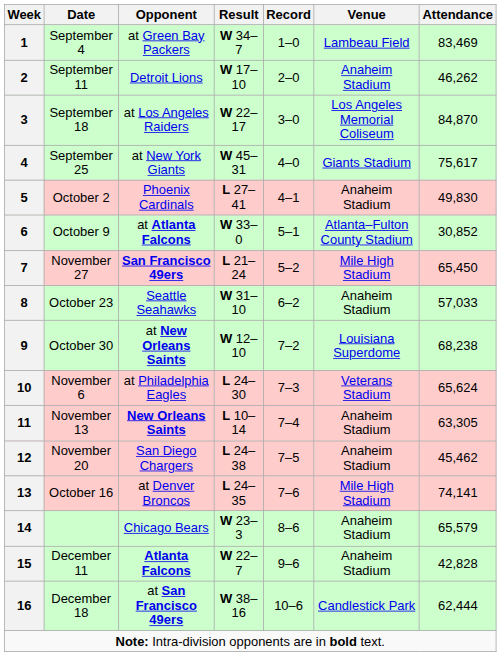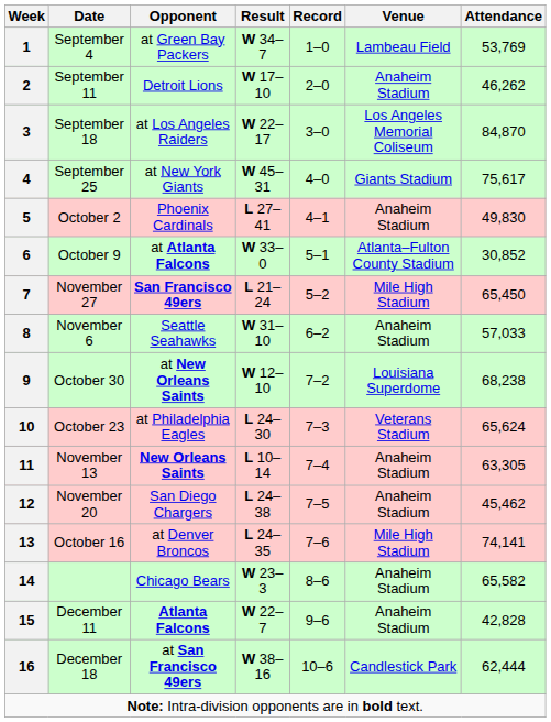 <table class="wikitable" style="text-align:center">
 <tr>
 <th>Week</th>
 <th>Date</th>
 <th>Opponent</th>
 <th>Result</th>
 <th>Record</th>
 <th>Venue</th>
 <th>Attendance</th>
 </tr>
 <tr style="background:#cfc">
 <th>1</th>
 <td>September 4</td>
 <td>at <a href='#'>Green Bay Packers</a></td>
 <td><strong>W</strong> 34–7</td>
 <td>1–0</td>
 <td><a href='#'>Lambeau Field</a></td>
-<td>83,469</td>
+<td>53,769</td>
 </tr>
 <tr style="background:#cfc">
 <th>2</th>
 <td>September 11</td>
 <td><a href='#'>Detroit Lions</a></td>
 <td><strong>W</strong> 17–10</td>
 <td>2–0</td>
 <td><a href='#'>Anaheim Stadium</a></td>
 <td>46,262</td>
 </tr>
 <tr style="background:#cfc">
 <th>3</th>
 <td>September 18</td>
 <td>at <a href='#'>Los Angeles Raiders</a></td>
 <td><strong>W</strong> 22–17</td>
 <td>3–0</td>
 <td><a href='#'>Los Angeles Memorial Coliseum</a></td>
 <td>84,870</td>
 </tr>
 <tr style="background:#cfc">
 <th>4</th>
 <td>September 25</td>
 <td>at <a href='#'>New York Giants</a></td>
 <td><strong>W</strong> 45–31</td>
 <td>4–0</td>
 <td><a href='#'>Giants Stadium</a></td>
 <td>75,617</td>
 </tr>
 <tr style="background:#fcc">
 <th>5</th>
 <td>October 2</td>
 <td><a href='#'>Phoenix Cardinals</a></td>
 <td><strong>L</strong> 27–41</td>
 <td>4–1</td>
 <td>Anaheim Stadium</td>
 <td>49,830</td>
 </tr>
 <tr style="background:#cfc">
 <th>6</th>
 <td>October 9</td>
 <td>at <strong><a href='#'>Atlanta Falcons</a></strong></td>
 <td><strong>W</strong> 33–0</td>
 <td>5–1</td>
 <td><a href='#'>Atlanta–Fulton County Stadium</a></td>
 <td>30,852</td>
 </tr>
 <tr style="background:#fcc">
 <th>7</th>
 <td>November 27</td>
 <td><strong><a href='#'>San Francisco 49ers</a></strong></td>
 <td><strong>L</strong> 21–24</td>
 <td>5–2</td>
 <td><a href='#'>Mile High Stadium</a></td>
 <td>65,450</td>
 </tr>
 <tr style="background:#cfc">
 <th>8</th>
-<td>October 23</td>
+<td>November 6</td>
 <td><a href='#'>Seattle Seahawks</a></td>
 <td><strong>W</strong> 31–10</td>
 <td>6–2</td>
 <td>Anaheim Stadium</td>
 <td>57,033</td>
 </tr>
 <tr style="background:#cfc">
 <th>9</th>
 <td>October 30</td>
 <td>at <strong><a href='#'>New Orleans Saints</a></strong></td>
 <td><strong>W</strong> 12–10</td>
 <td>7–2</td>
 <td><a href='#'>Louisiana Superdome</a></td>
 <td>68,238</td>
 </tr>
 <tr style="background:#fcc">
 <th>10</th>
-<td>November 6</td>
+<td>October 23</td>
 <td>at <a href='#'>Philadelphia Eagles</a></td>
 <td><strong>L</strong> 24–30</td>
 <td>7–3</td>
 <td><a href='#'>Veterans Stadium</a></td>
 <td>65,624</td>
 </tr>
 <tr style="background:#fcc">
 <th>11</th>
 <td>November 13</td>
 <td><strong><a href='#'>New Orleans Saints</a></strong></td>
 <td><strong>L</strong> 10–14</td>
 <td>7–4</td>
 <td>Anaheim Stadium</td>
 <td>63,305</td>
 </tr>
 <tr style="background:#fcc">
 <th>12</th>
 <td>November 20</td>
 <td><a href='#'>San Diego Chargers</a></td>
 <td><strong>L</strong> 24–38</td>
 <td>7–5</td>
 <td>Anaheim Stadium</td>
 <td>45,462</td>
 </tr>
 <tr style="background:#fcc">
 <th>13</th>
 <td>October 16</td>
 <td>at <a href='#'>Denver Broncos</a></td>
 <td><strong>L</strong> 24–35</td>
 <td>7–6</td>
 <td><a href='#'>Mile High Stadium</a></td>
 <td>74,141</td>
 </tr>
 <tr style="background:#cfc">
 <th>14</th>
 <td></td>
 <td><a href='#'>Chicago Bears</a></td>
 <td><strong>W</strong> 23–3</td>
 <td>8–6</td>
 <td>Anaheim Stadium</td>
-<td>65,579</td>
+<td>65,582</td>
 </tr>
 <tr style="background:#cfc">
 <th>15</th>
 <td>December 11</td>
 <td><strong><a href='#'>Atlanta Falcons</a></strong></td>
 <td><strong>W</strong> 22–7</td>
 <td>9–6</td>
 <td>Anaheim Stadium</td>
 <td>42,828</td>
 </tr>
 <tr style="background:#cfc">
 <th>16</th>
 <td>December 18</td>
 <td>at <strong><a href='#'>San Francisco 49ers</a></strong></td>
 <td><strong>W</strong> 38–16</td>
 <td>10–6</td>
 <td><a href='#'>Candlestick Park</a></td>
 <td>62,444</td>
 </tr>
 <tr>
 <td colspan="8"><strong>Note:</strong> Intra-division opponents are in <strong>bold</strong> text.</td>
 </tr>
 </table>
